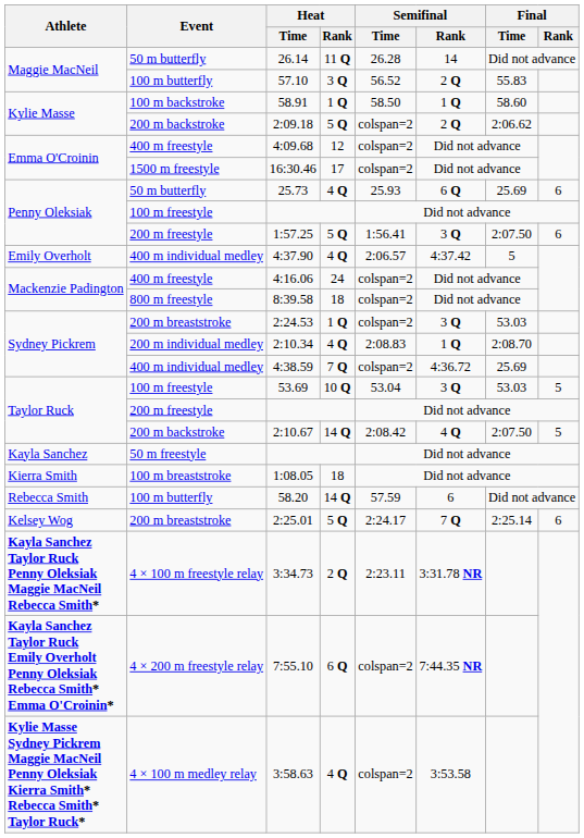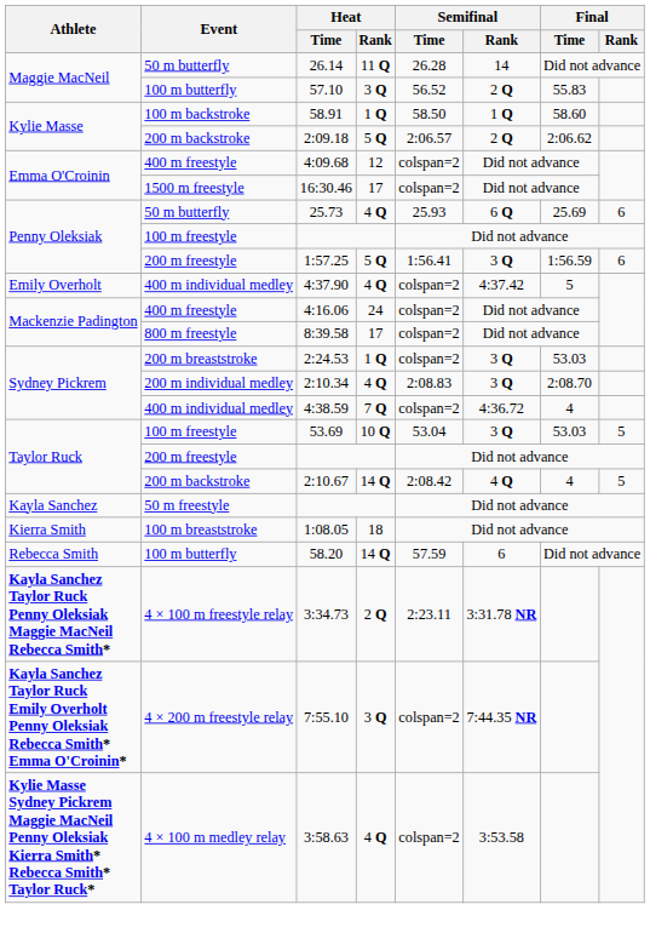 <table class=wikitable style="font-size:90%">
 <tr>
 <th rowspan="2">Athlete</th>
 <th rowspan="2">Event</th>
 <th colspan="2">Heat</th>
 <th colspan="2">Semifinal</th>
 <th colspan="2">Final</th>
 </tr>
 <tr style="font-size:95%">
 <th>Time</th>
 <th>Rank</th>
 <th>Time</th>
 <th>Rank</th>
 <th>Time</th>
 <th>Rank</th>
 </tr>
 <tr align=center>
 <td align=left rowspan=2><a href='#'>Maggie MacNeil</a></td>
 <td align=left><a href='#'>50 m butterfly</a></td>
 <td>26.14</td>
 <td>11 <strong>Q</strong></td>
 <td>26.28</td>
 <td>14</td>
 <td colspan=2>Did not advance</td>
 </tr>
 <tr align=center>
 <td align=left><a href='#'>100 m butterfly</a></td>
 <td>57.10</td>
 <td>3 <strong>Q</strong></td>
 <td>56.52</td>
 <td>2 <strong>Q</strong></td>
 <td>55.83</td>
 <td></td>
 </tr>
 <tr align=center>
 <td align=left rowspan=2><a href='#'>Kylie Masse</a></td>
 <td align=left><a href='#'>100 m backstroke</a></td>
 <td>58.91</td>
 <td>1 <strong>Q</strong></td>
 <td>58.50</td>
 <td>1 <strong>Q</strong></td>
 <td>58.60</td>
 <td></td>
 </tr>
 <tr align=center>
 <td align=left><a href='#'>200 m backstroke</a></td>
 <td>2:09.18</td>
 <td>5 <strong>Q</strong></td>
-<td>colspan=2</td>
+<td>2:06.57</td>
 <td>2 <strong>Q</strong></td>
 <td>2:06.62</td>
 <td></td>
 </tr>
 <tr align=center>
 <td align=left rowspan=2><a href='#'>Emma O'Croinin</a></td>
 <td align=left><a href='#'>400 m freestyle</a></td>
 <td>4:09.68</td>
 <td>12</td>
 <td>colspan=2</td>
 <td colspan=2>Did not advance</td>
 </tr>
 <tr align=center>
 <td align=left><a href='#'>1500 m freestyle</a></td>
 <td>16:30.46</td>
 <td>17</td>
 <td>colspan=2</td>
 <td colspan=2>Did not advance</td>
 </tr>
 <tr align=center>
 <td align=left rowspan=3><a href='#'>Penny Oleksiak</a></td>
 <td align=left><a href='#'>50 m butterfly</a></td>
 <td>25.73</td>
 <td>4 <strong>Q</strong></td>
 <td>25.93</td>
 <td>6 <strong>Q</strong></td>
 <td>25.69</td>
 <td>6</td>
 </tr>
 <tr align=center>
 <td align=left><a href='#'>100 m freestyle</a></td>
 <td colspan=2></td>
 <td colspan=4>Did not advance</td>
 </tr>
 <tr align=center>
 <td align=left><a href='#'>200 m freestyle</a></td>
 <td>1:57.25</td>
 <td>5 <strong>Q</strong></td>
 <td>1:56.41</td>
 <td>3 <strong>Q</strong></td>
-<td>2:07.50</td>
+<td>1:56.59</td>
 <td>6</td>
 </tr>
 <tr align=center>
 <td align=left><a href='#'>Emily Overholt</a></td>
 <td align=left><a href='#'>400 m individual medley</a></td>
 <td>4:37.90</td>
 <td>4 <strong>Q</strong></td>
-<td>2:06.57</td>
+<td>colspan=2</td>
 <td>4:37.42</td>
 <td>5</td>
 </tr>
 <tr align=center>
 <td align=left rowspan=2><a href='#'>Mackenzie Padington</a></td>
 <td align=left><a href='#'>400 m freestyle</a></td>
 <td>4:16.06</td>
 <td>24</td>
 <td>colspan=2</td>
 <td colspan=2>Did not advance</td>
 </tr>
 <tr align=center>
 <td align=left><a href='#'>800 m freestyle</a></td>
 <td>8:39.58</td>
-<td>18</td>
+<td>17</td>
 <td>colspan=2</td>
 <td colspan=2>Did not advance</td>
 </tr>
 <tr align=center>
 <td align=left rowspan=3><a href='#'>Sydney Pickrem</a></td>
 <td align=left><a href='#'>200 m breaststroke</a></td>
 <td>2:24.53</td>
 <td>1 <strong>Q</strong></td>
 <td>colspan=2 </td>
 <td>3 <strong>Q</strong></td>
 <td>53.03</td>
 <td></td>
 </tr>
 <tr align=center>
 <td align=left><a href='#'>200 m individual medley</a></td>
 <td>2:10.34</td>
 <td>4 <strong>Q</strong></td>
 <td>2:08.83</td>
-<td>1 <strong>Q</strong></td>
+<td>3 <strong>Q</strong></td>
 <td>2:08.70</td>
 <td></td>
 </tr>
 <tr align=center>
 <td align=left><a href='#'>400 m individual medley</a></td>
 <td>4:38.59</td>
 <td>7 <strong>Q</strong></td>
 <td>colspan=2</td>
 <td>4:36.72</td>
-<td>25.69</td>
+<td>4</td>
 </tr>
 <tr align=center>
 <td align=left rowspan=3><a href='#'>Taylor Ruck</a></td>
 <td align=left><a href='#'>100 m freestyle</a></td>
 <td>53.69</td>
 <td>10 <strong>Q</strong></td>
 <td>53.04</td>
 <td>3 <strong>Q</strong></td>
 <td>53.03</td>
 <td>5</td>
 </tr>
 <tr align=center>
 <td align=left><a href='#'>200 m freestyle</a></td>
 <td colspan=2></td>
 <td colspan=4>Did not advance</td>
 </tr>
 <tr align=center>
 <td align=left><a href='#'>200 m backstroke</a></td>
 <td>2:10.67</td>
 <td>14 <strong>Q</strong></td>
 <td>2:08.42</td>
 <td>4 <strong>Q</strong></td>
-<td>2:07.50</td>
+<td>4</td>
 <td>5</td>
 </tr>
 <tr align=center>
 <td align=left><a href='#'>Kayla Sanchez</a></td>
 <td align=left><a href='#'>50 m freestyle</a></td>
 <td colspan=2></td>
 <td colspan=4>Did not advance</td>
 </tr>
 <tr align=center>
 <td align=left><a href='#'>Kierra Smith</a></td>
 <td align=left><a href='#'>100 m breaststroke</a></td>
 <td>1:08.05</td>
 <td>18</td>
 <td colspan=4>Did not advance</td>
 </tr>
 <tr align=center>
 <td align=left><a href='#'>Rebecca Smith</a></td>
 <td align=left><a href='#'>100 m butterfly</a></td>
 <td>58.20</td>
 <td>14 <strong>Q</strong></td>
 <td>57.59</td>
 <td>6</td>
 <td colspan=2>Did not advance</td>
 </tr>
 <tr align=center>
-<td align=left><a href='#'>Kelsey Wog</a></td>
-<td align=left><a href='#'>200 m breaststroke</a></td>
-<td>2:25.01</td>
-<td>5 <strong>Q</strong></td>
-<td>2:24.17</td>
-<td>7 <strong>Q</strong></td>
-<td>2:25.14</td>
-<td>6</td>
-</tr>
-<tr align=center>
 <td align=left><strong><a href='#'>Kayla Sanchez</a><br><a href='#'>Taylor Ruck</a><br><a href='#'>Penny Oleksiak</a><br><a href='#'>Maggie MacNeil</a><br><a href='#'>Rebecca Smith</a>*</strong></td>
 <td align=left><a href='#'>4 × 100 m freestyle relay</a></td>
 <td>3:34.73</td>
 <td>2 <strong>Q</strong></td>
 <td>2:23.11</td>
 <td>3:31.78 <strong><a href='#'>NR</a></strong></td>
 <td></td>
 </tr>
 <tr align=center>
 <td align=left><strong><a href='#'>Kayla Sanchez</a><br><a href='#'>Taylor Ruck</a><br><a href='#'>Emily Overholt</a><br><a href='#'>Penny Oleksiak</a><br><a href='#'>Rebecca Smith</a>*<br><a href='#'>Emma O'Croinin</a>*</strong></td>
 <td align=left><a href='#'>4 × 200 m freestyle relay</a></td>
 <td>7:55.10</td>
-<td>6 <strong>Q</strong></td>
+<td>3 <strong>Q</strong></td>
 <td>colspan=2 </td>
 <td>7:44.35 <strong><a href='#'>NR</a></strong></td>
 <td></td>
 </tr>
 <tr align=center>
 <td align=left><strong><a href='#'>Kylie Masse</a><br><a href='#'>Sydney Pickrem</a><br><a href='#'>Maggie MacNeil</a><br><a href='#'>Penny Oleksiak</a><br><a href='#'>Kierra Smith</a>*<br><a href='#'>Rebecca Smith</a>*<br><a href='#'>Taylor Ruck</a>*</strong></td>
 <td align=left><a href='#'>4 × 100 m medley relay</a></td>
 <td>3:58.63</td>
 <td>4 <strong>Q</strong></td>
 <td>colspan=2 </td>
 <td>3:53.58</td>
 <td></td>
 </tr>
 </table>
